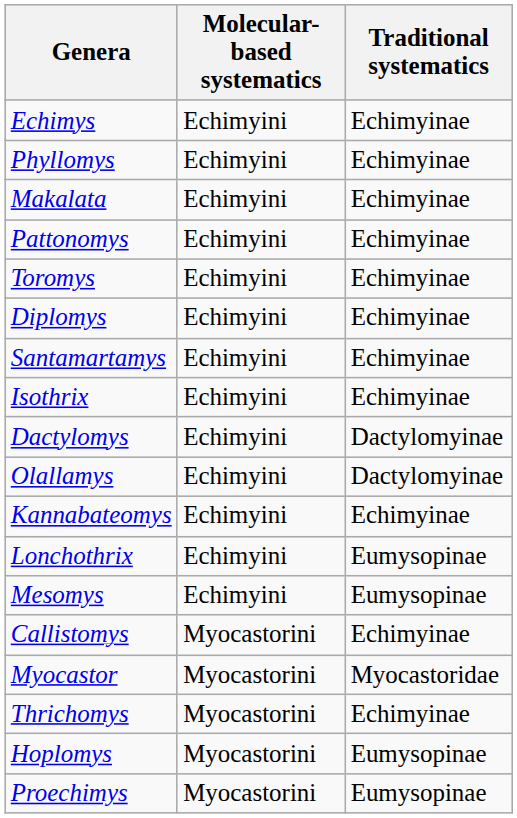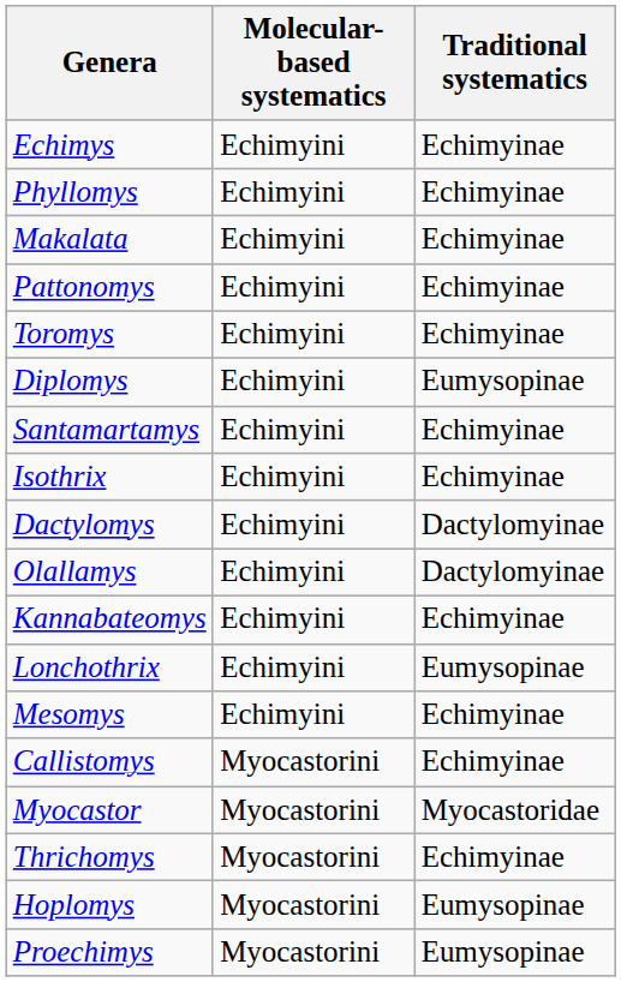 <table class="wikitable sortable" style="margin-left: auto; margin-right: auto; border: none;">
 <tr>
 <th style="width: 100px;">Genera</th>
 <th style="width: 100px;">Molecular-based systematics</th>
 <th style="width: 100px;">Traditional systematics</th>
 </tr>
 <tr>
 <td><em><a href='#'>Echimys</a></em></td>
 <td>Echimyini</td>
 <td>Echimyinae</td>
 </tr>
 <tr>
 <td><em><a href='#'>Phyllomys</a></em></td>
 <td>Echimyini</td>
 <td>Echimyinae</td>
 </tr>
 <tr>
 <td><em><a href='#'>Makalata</a></em></td>
 <td>Echimyini</td>
 <td>Echimyinae</td>
 </tr>
 <tr>
 <td><em><a href='#'>Pattonomys</a></em></td>
 <td>Echimyini</td>
 <td>Echimyinae</td>
 </tr>
 <tr>
 <td><em><a href='#'>Toromys</a></em></td>
 <td>Echimyini</td>
 <td>Echimyinae</td>
 </tr>
 <tr>
 <td><em><a href='#'>Diplomys</a></em></td>
 <td>Echimyini</td>
-<td>Echimyinae</td>
+<td>Eumysopinae</td>
 </tr>
 <tr>
 <td><em><a href='#'>Santamartamys</a></em></td>
 <td>Echimyini</td>
 <td>Echimyinae</td>
 </tr>
 <tr>
 <td><em><a href='#'>Isothrix</a></em></td>
 <td>Echimyini</td>
 <td>Echimyinae</td>
 </tr>
 <tr>
 <td><em><a href='#'>Dactylomys</a></em></td>
 <td>Echimyini</td>
 <td>Dactylomyinae</td>
 </tr>
 <tr>
 <td><em><a href='#'>Olallamys</a></em></td>
 <td>Echimyini</td>
 <td>Dactylomyinae</td>
 </tr>
 <tr>
 <td><em><a href='#'>Kannabateomys</a></em></td>
 <td>Echimyini</td>
 <td>Echimyinae</td>
 </tr>
 <tr>
 <td><em><a href='#'>Lonchothrix</a></em></td>
 <td>Echimyini</td>
 <td>Eumysopinae</td>
 </tr>
 <tr>
 <td><em><a href='#'>Mesomys</a></em></td>
 <td>Echimyini</td>
-<td>Eumysopinae</td>
+<td>Echimyinae</td>
 </tr>
 <tr>
 <td><em><a href='#'>Callistomys</a></em></td>
 <td>Myocastorini</td>
 <td>Echimyinae</td>
 </tr>
 <tr>
 <td><em><a href='#'>Myocastor</a></em></td>
 <td>Myocastorini</td>
 <td>Myocastoridae</td>
 </tr>
 <tr>
 <td><em><a href='#'>Thrichomys</a></em></td>
 <td>Myocastorini</td>
 <td>Echimyinae</td>
 </tr>
 <tr>
 <td><em><a href='#'>Hoplomys</a></em></td>
 <td>Myocastorini</td>
 <td>Eumysopinae</td>
 </tr>
 <tr>
 <td><em><a href='#'>Proechimys</a></em></td>
 <td>Myocastorini</td>
 <td>Eumysopinae</td>
 </tr>
 </table>
